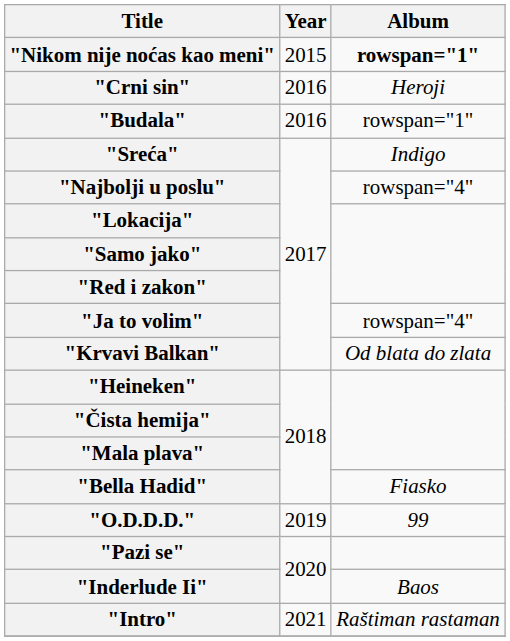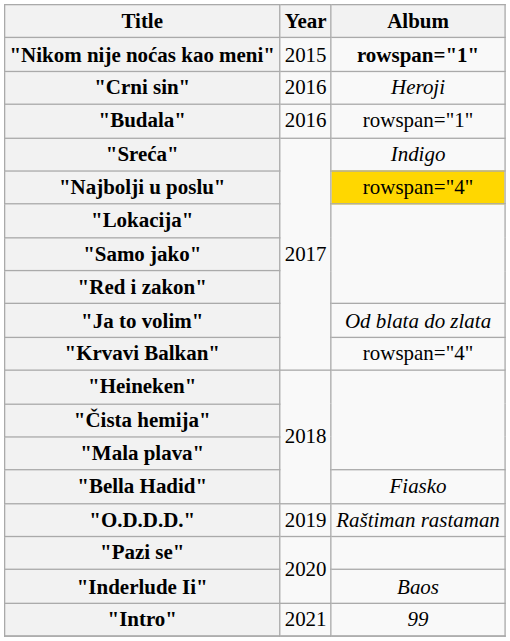 <table class="wikitable plainrowheaders" style="text-align:center;">
 <tr>
 <th>Title</th>
 <th>Year</th>
 <th>Album</th>
 </tr>
 <tr>
 <th scope="row">"Nikom nije noćas kao meni"<br></th>
 <td>2015</td>
 <td><strong>rowspan="1" </strong></td>
 </tr>
 <tr>
 <th scope="row">"Crni sin"<br></th>
 <td>2016</td>
 <td><em>Heroji</em></td>
 </tr>
 <tr>
 <th scope="row">"Budala"<br></th>
 <td rowspan="1">2016</td>
 <td>rowspan="1" </td>
 </tr>
 <tr>
 <th scope="row">"Sreća"<br></th>
 <td rowspan="7">2017</td>
 <td><em>Indigo</em></td>
 </tr>
 <tr>
 <th scope="row">"Najbolji u poslu"<br></th>
-<td>rowspan="4" </td>
+<td style="background: gold;">rowspan="4" </td>
 </tr>
 <tr>
 <th scope="row">"Lokacija"<br></th>
 </tr>
 <tr>
 <th scope="row">"Samo jako"<br></th>
 </tr>
 <tr>
 <th scope="row">"Red i zakon"<br></th>
 </tr>
 <tr>
 <th scope="row">"Ja to volim"<br></th>
-<td>rowspan="4" </td>
+<td><em>Od blata do zlata</em></td>
 </tr>
 <tr>
 <th scope="row">"Krvavi Balkan"<br></th>
-<td><em>Od blata do zlata</em></td>
+<td>rowspan="4" </td>
 </tr>
 <tr>
 <th scope="row">"Heineken"<br></th>
 <td rowspan="4">2018</td>
 </tr>
 <tr>
 <th scope="row">"Čista hemija"<br></th>
 </tr>
 <tr>
 <th scope="row">"Mala plava"<br></th>
 </tr>
 <tr>
 <th scope="row">"Bella Hadid"<br></th>
 <td><em>Fiasko</em></td>
 </tr>
 <tr>
 <th scope="row">"O.D.D.D."<br></th>
 <td>2019</td>
-<td><em>99</em></td>
+<td><em>Raštiman rastaman</em></td>
 </tr>
 <tr>
 <th scope="row">"Pazi se"<br></th>
 <td rowspan="2">2020</td>
 <td></td>
 </tr>
 <tr>
 <th scope="row">"Inderlude Ii"<br></th>
 <td><em>Baos</em></td>
 </tr>
 <tr>
 <th scope="row">"Intro"<br></th>
 <td>2021</td>
-<td><em>Raštiman rastaman</em></td>
+<td><em>99</em></td>
 </tr>
 <tr>
 </tr>
 </table>
